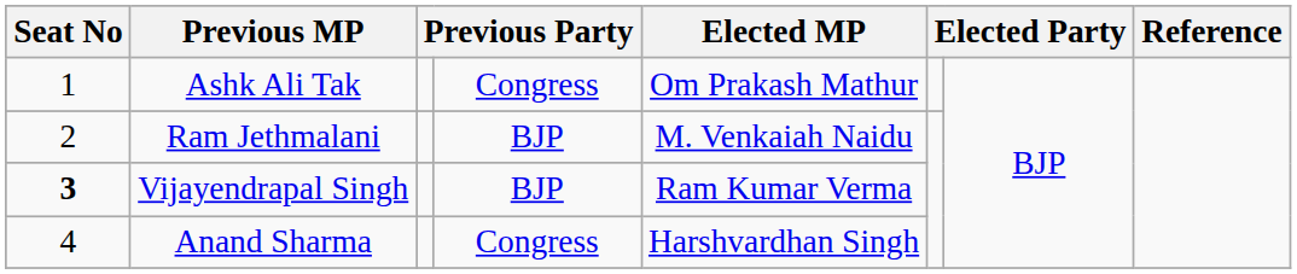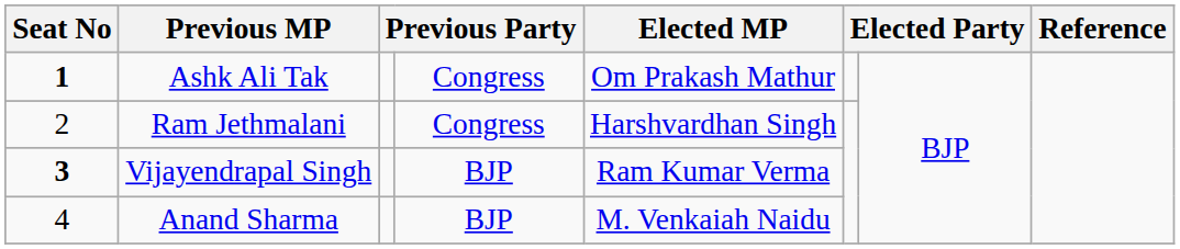 <table class="wikitable">
 <tr>
 <th>Seat No</th>
 <th>Previous MP</th>
 <th colspan=2>Previous Party</th>
 <th>Elected MP</th>
 <th colspan=2>Elected Party</th>
 <th>Reference</th>
 </tr>
 <tr style="text-align:center;">
-<td>1</td>
+<td><strong>1</strong></td>
 <td><a href='#'>Ashk Ali Tak</a></td>
 <td width="1px"></td>
 <td><a href='#'>Congress</a></td>
 <td><a href='#'>Om Prakash Mathur</a></td>
 <td width="1px"></td>
 <td rowspan="4"><a href='#'>BJP</a></td>
 <td rowspan=4></td>
 </tr>
 <tr style="text-align:center;">
 <td>2</td>
 <td><a href='#'>Ram Jethmalani</a></td>
 <td width="1px"></td>
-<td><a href='#'>BJP</a></td>
-<td><a href='#'>M. Venkaiah Naidu</a></td>
+<td><a href='#'>Congress</a></td>
+<td><a href='#'>Harshvardhan Singh</a></td>
 </tr>
 <tr style="text-align:center;">
 <td><strong>3</strong></td>
 <td><a href='#'>Vijayendrapal Singh</a></td>
 <td width="1px"></td>
 <td><a href='#'>BJP</a></td>
 <td><a href='#'>Ram Kumar Verma</a></td>
 </tr>
 <tr style="text-align:center;">
 <td>4</td>
 <td><a href='#'>Anand Sharma</a></td>
 <td width="1px"></td>
-<td><a href='#'>Congress</a></td>
-<td><a href='#'>Harshvardhan Singh</a></td>
+<td><a href='#'>BJP</a></td>
+<td><a href='#'>M. Venkaiah Naidu</a></td>
 </tr>
 </table>
